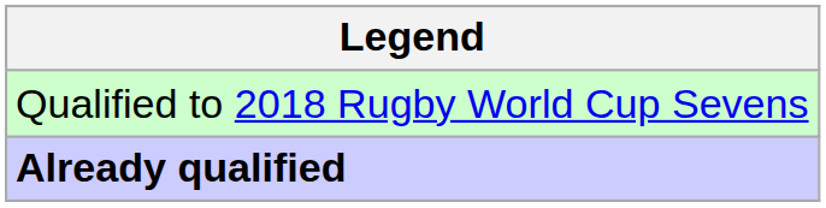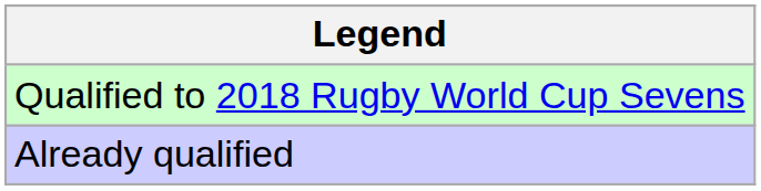 <table class="wikitable">
 <tr>
 <th>Legend</th>
 </tr>
 <tr bgcolor=ccffcc>
 <td>Qualified to <a href='#'>2018 Rugby World Cup Sevens</a></td>
 </tr>
 <tr bgcolor=ccccff>
-<td><strong>Already qualified</strong></td>
+<td>Already qualified</td>
 </tr>
 </table>
